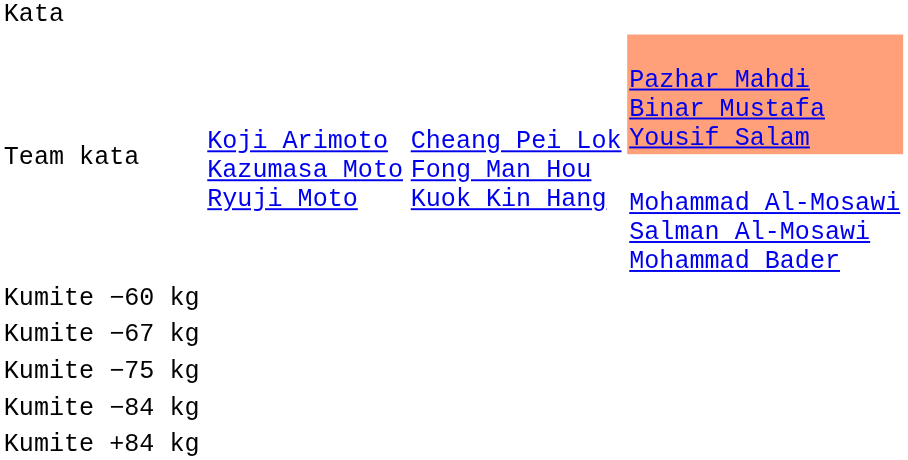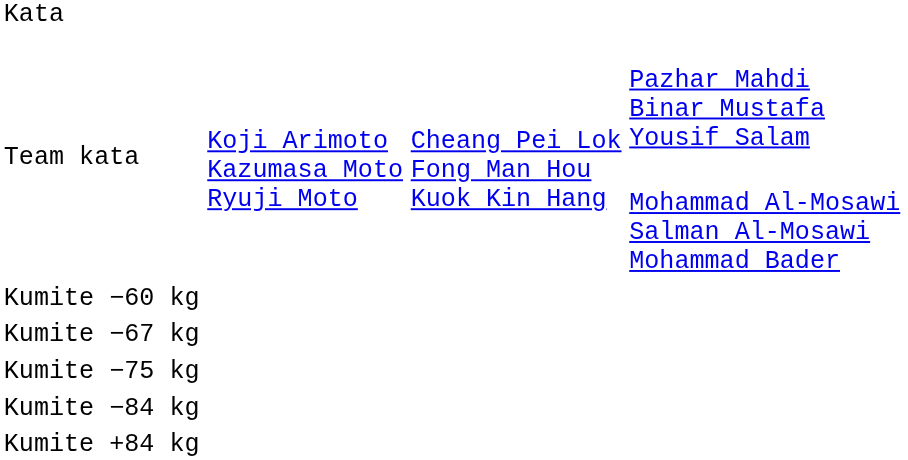 <table>
 <tr>
 <td rowspan=2>Kata<br></td>
 <td rowspan=2></td>
 <td rowspan=2></td>
 <td></td>
 </tr>
 <tr>
 <td></td>
 </tr>
 <tr>
 <td rowspan=2>Team kata<br></td>
 <td rowspan=2><br><a href='#'>Koji Arimoto</a><br><a href='#'>Kazumasa Moto</a><br><a href='#'>Ryuji Moto</a></td>
 <td rowspan=2><br><a href='#'>Cheang Pei Lok</a><br><a href='#'>Fong Man Hou</a><br><a href='#'>Kuok Kin Hang</a></td>
-<td style="background: lightsalmon;"><br><a href='#'>Pazhar Mahdi</a><br><a href='#'>Binar Mustafa</a><br><a href='#'>Yousif Salam</a></td>
+<td><br><a href='#'>Pazhar Mahdi</a><br><a href='#'>Binar Mustafa</a><br><a href='#'>Yousif Salam</a></td>
 </tr>
 <tr>
 <td><br><a href='#'>Mohammad Al-Mosawi</a><br><a href='#'>Salman Al-Mosawi</a><br><a href='#'>Mohammad Bader</a></td>
 </tr>
 <tr>
 <td rowspan=2>Kumite −60 kg<br></td>
 <td rowspan=2></td>
 <td rowspan=2></td>
 <td></td>
 </tr>
 <tr>
 <td></td>
 </tr>
 <tr>
 <td rowspan=2>Kumite −67 kg<br></td>
 <td rowspan=2></td>
 <td rowspan=2></td>
 <td></td>
 </tr>
 <tr>
 <td></td>
 </tr>
 <tr>
 <td rowspan=2>Kumite −75 kg<br></td>
 <td rowspan=2></td>
 <td rowspan=2></td>
 <td></td>
 </tr>
 <tr>
 <td></td>
 </tr>
 <tr>
 <td rowspan=2>Kumite −84 kg<br></td>
 <td rowspan=2></td>
 <td rowspan=2></td>
 <td></td>
 </tr>
 <tr>
 <td></td>
 </tr>
 <tr>
 <td rowspan=2>Kumite +84 kg<br></td>
 <td rowspan=2></td>
 <td rowspan=2></td>
 <td></td>
 </tr>
 <tr>
 <td></td>
 </tr>
 </table>
